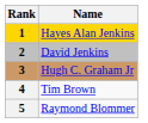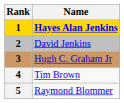 <table class="wikitable">
 <tr>
 <th>Rank</th>
 <th>Name</th>
 </tr>
 <tr bgcolor="gold">
 <td align="center"><strong>1</strong></td>
-<td><a href='#'>Hayes Alan Jenkins</a></td>
+<td><strong><a href='#'>Hayes Alan Jenkins</a></strong></td>
 </tr>
 <tr bgcolor="silver">
 <td align="center"><strong>2</strong></td>
 <td><a href='#'>David Jenkins</a></td>
 </tr>
 <tr bgcolor="cc9966">
 <td align="center"><strong>3</strong></td>
 <td><a href='#'>Hugh C. Graham Jr</a></td>
 </tr>
 <tr>
 <th>4</th>
 <td><a href='#'>Tim Brown</a></td>
 </tr>
 <tr>
 <th>5</th>
 <td><a href='#'>Raymond Blommer</a></td>
 </tr>
 </table>
